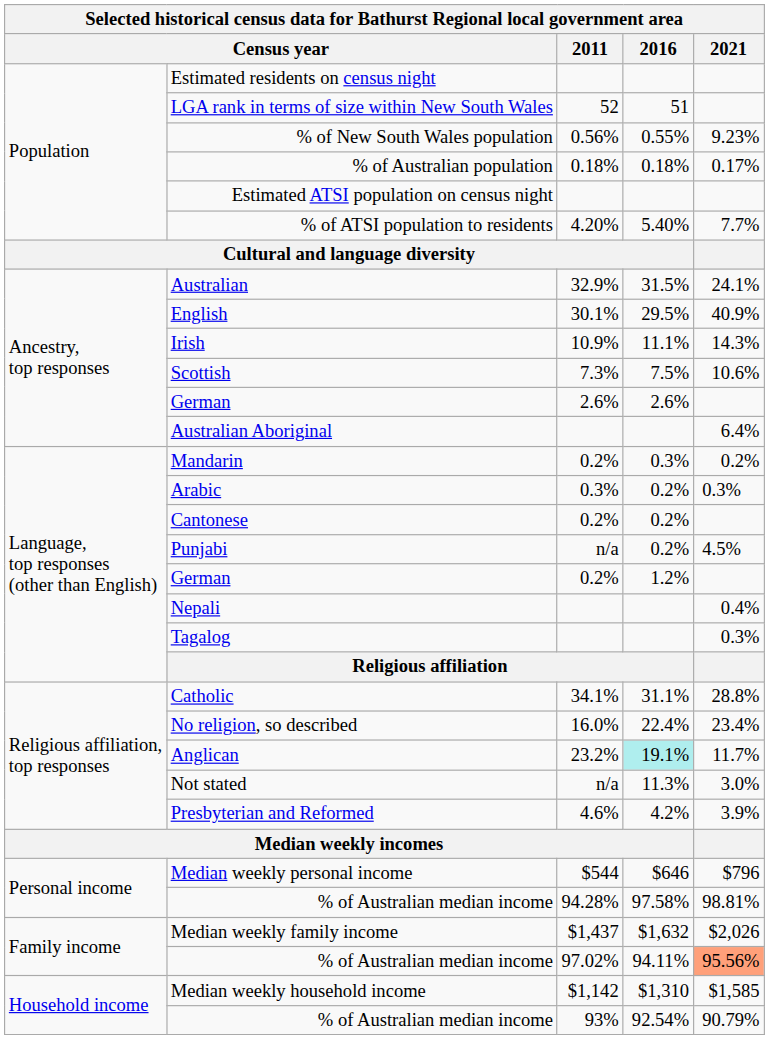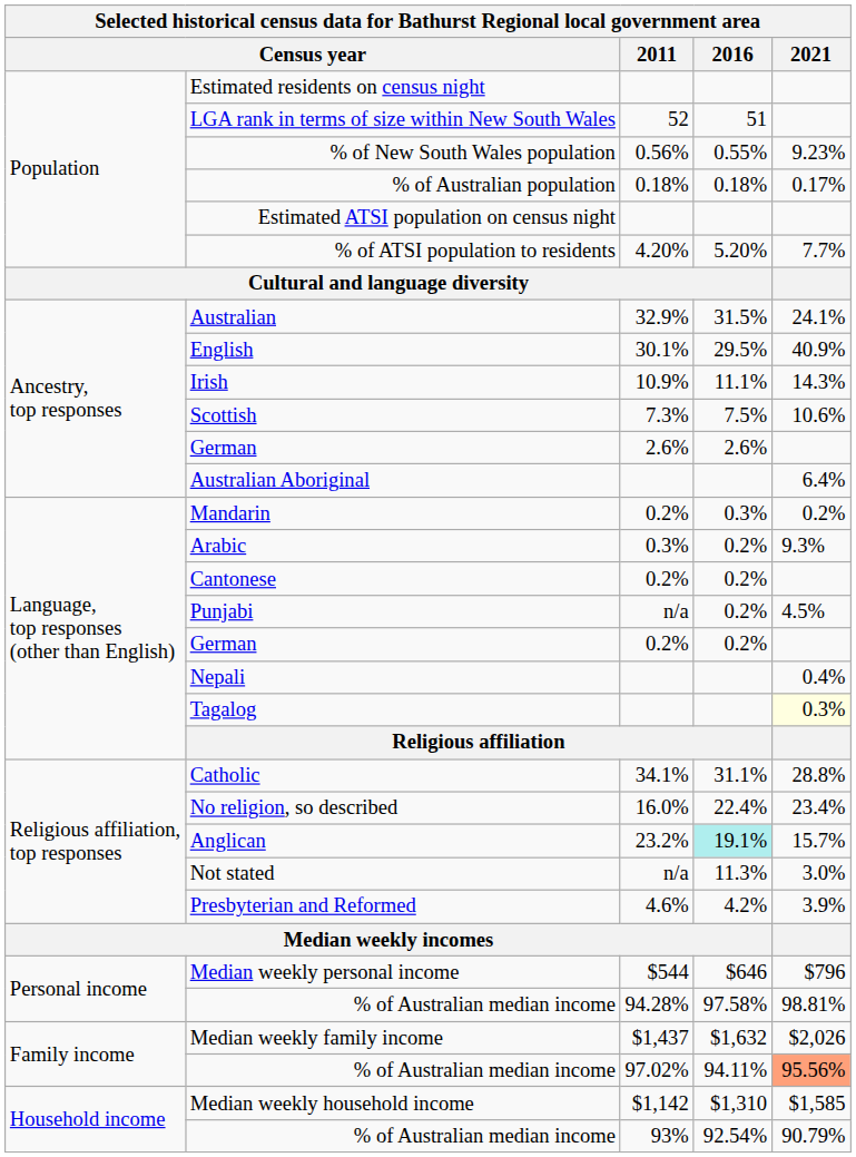 <table class="wikitable">
 <tr>
 <th colspan=7>Selected historical census data for Bathurst Regional local government area</th>
 </tr>
 <tr>
 <th colspan=3>Census year</th>
 <th>2011</th>
 <th>2016</th>
 <th>2021</th>
 </tr>
 <tr>
 <td rowspan=6 colspan="2">Population</td>
 <td>Estimated residents on <a href='#'>census night</a></td>
 <td align="right"></td>
 <td align="right"> </td>
 <td align="right"> </td>
 </tr>
 <tr>
 <td align="right"><a href='#'>LGA rank in terms of size within New South Wales</a></td>
 <td align="right">52</td>
 <td align="right"> 51</td>
 <td align="right"></td>
 </tr>
 <tr>
 <td align="right">% of New South Wales population</td>
 <td align="right">0.56%</td>
 <td align="right"> 0.55%</td>
 <td align="right"> 9.23%</td>
 </tr>
 <tr>
 <td align="right">% of Australian population</td>
 <td align="right">0.18%</td>
 <td align="right"> 0.18%</td>
 <td align="right"> 0.17%</td>
 </tr>
 <tr>
 <td align="right">Estimated <a href='#'>ATSI</a> population on census night</td>
 <td align="right"></td>
 <td align="right"> </td>
 <td align="right"> </td>
 </tr>
 <tr>
 <td align="right">% of ATSI population to residents</td>
 <td align="right">4.20%</td>
-<td align="right"> 5.40%</td>
+<td align="right"> 5.20%</td>
 <td align="right"> 7.7%</td>
 </tr>
 <tr>
 <th colspan=5>Cultural and language diversity</th>
 <th></th>
 </tr>
 <tr>
 <td rowspan=6 colspan=2>Ancestry,<br>top responses</td>
 <td><a href='#'>Australian</a></td>
 <td align="right">32.9%</td>
 <td align="right"> 31.5%</td>
 <td align="right"> 24.1%</td>
 </tr>
 <tr>
 <td><a href='#'>English</a></td>
 <td align="right">30.1%</td>
 <td align="right"> 29.5%</td>
 <td align="right"> 40.9%</td>
 </tr>
 <tr>
 <td><a href='#'>Irish</a></td>
 <td align="right">10.9%</td>
 <td align="right"> 11.1%</td>
 <td align="right"> 14.3%</td>
 </tr>
 <tr>
 <td><a href='#'>Scottish</a></td>
 <td align="right">7.3%</td>
 <td align="right"> 7.5%</td>
 <td align="right"> 10.6%</td>
 </tr>
 <tr>
 <td><a href='#'>German</a></td>
 <td align="right">2.6%</td>
 <td align="right"> 2.6%</td>
 <td align="right"></td>
 </tr>
 <tr>
 <td><a href='#'>Australian Aboriginal</a></td>
 <td align="right"></td>
 <td align="right"></td>
 <td align="right">6.4%</td>
 </tr>
 <tr>
 <td rowspan=8 colspan=2>Language,<br>top responses<br>(other than English)</td>
 <td><a href='#'>Mandarin</a></td>
 <td align="right">0.2%</td>
 <td align="right"> 0.3%</td>
 <td align="right"> 0.2%</td>
 </tr>
 <tr>
 <td><a href='#'>Arabic</a></td>
 <td align="right">0.3%</td>
 <td align="right"> 0.2%</td>
-<td> 0.3%</td>
+<td> 9.3%</td>
 </tr>
 <tr>
 <td><a href='#'>Cantonese</a></td>
 <td align="right">0.2%</td>
 <td align="right"> 0.2%</td>
 <td align="right"></td>
 </tr>
 <tr>
 <td><a href='#'>Punjabi</a></td>
 <td align="right">n/a</td>
 <td align="right"> 0.2%</td>
 <td> 4.5%</td>
 </tr>
 <tr>
 <td><a href='#'>German</a></td>
 <td align="right">0.2%</td>
-<td align="right"> 1.2%</td>
+<td align="right"> 0.2%</td>
 <td align="right"></td>
 </tr>
 <tr>
 <td><a href='#'>Nepali</a></td>
 <td align="right"></td>
 <td align="right"></td>
 <td align="right">0.4%</td>
 </tr>
 <tr>
 <td><a href='#'>Tagalog</a></td>
 <td align="right"></td>
 <td align="right"></td>
-<td align="right">0.3%</td>
+<td align="right" style="background: lightyellow;">0.3%</td>
 </tr>
 <tr>
 <th colspan=3>Religious affiliation</th>
 <th></th>
 </tr>
 <tr>
 <td rowspan=5 colspan=2>Religious affiliation,<br>top responses</td>
 <td><a href='#'>Catholic</a></td>
 <td align="right">34.1%</td>
 <td align="right"> 31.1%</td>
 <td align="right"> 28.8%</td>
 </tr>
 <tr>
 <td><a href='#'>No religion</a>, so described</td>
 <td align="right">16.0%</td>
 <td align="right"> 22.4%</td>
 <td align="right"> 23.4%</td>
 </tr>
 <tr>
 <td><a href='#'>Anglican</a></td>
 <td align="right">23.2%</td>
 <td align="right" style="background: paleturquoise;"> 19.1%</td>
-<td align="right"> 11.7%</td>
+<td align="right"> 15.7%</td>
 </tr>
 <tr>
 <td>Not stated</td>
 <td align="right">n/a</td>
 <td align="right">11.3%</td>
 <td align="right"> 3.0%</td>
 </tr>
 <tr>
 <td><a href='#'>Presbyterian and Reformed</a></td>
 <td align="right">4.6%</td>
 <td align="right"> 4.2%</td>
 <td align="right"> 3.9%</td>
 </tr>
 <tr>
 <th colspan=5>Median weekly incomes</th>
 <th></th>
 </tr>
 <tr>
 <td rowspan=2 colspan=2>Personal income</td>
 <td><a href='#'>Median</a> weekly personal income</td>
 <td align="right">$544</td>
 <td align="right"> $646</td>
 <td align="right"> $796</td>
 </tr>
 <tr>
 <td align="right">% of Australian median income</td>
 <td align="right">94.28%</td>
 <td align="right"> 97.58%</td>
 <td align="right"> 98.81%</td>
 </tr>
 <tr>
 <td rowspan=2 colspan=2>Family income</td>
 <td>Median weekly family income</td>
 <td align="right">$1,437</td>
 <td align="right"> $1,632</td>
 <td align="right">$2,026</td>
 </tr>
 <tr>
 <td align="right">% of Australian median income</td>
 <td align="right">97.02%</td>
 <td align="right"> 94.11%</td>
 <td align="right" style="background: lightsalmon;"> 95.56%</td>
 </tr>
 <tr>
 <td rowspan=2 colspan=2><a href='#'>Household income</a></td>
 <td>Median weekly household income</td>
 <td align="right">$1,142</td>
 <td align="right"> $1,310</td>
 <td align="right"> $1,585</td>
 </tr>
 <tr>
 <td align="right">% of Australian median income</td>
 <td align="right">93%</td>
 <td align="right"> 92.54%</td>
 <td align="right"> 90.79%</td>
 </tr>
 <tr>
 </tr>
 </table>
